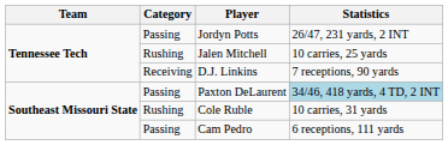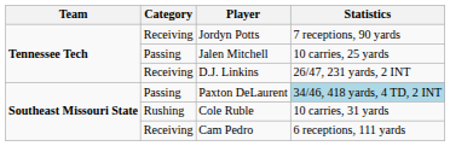 <table class="wikitable" style="float: right;">
 <tr>
 <th>Team</th>
 <th>Category</th>
 <th>Player</th>
 <th>Statistics</th>
 </tr>
 <tr>
 <td rowspan=3><strong>Tennessee Tech</strong></td>
-<td>Passing</td>
+<td>Receiving</td>
 <td>Jordyn Potts</td>
-<td>26/47, 231 yards, 2 INT</td>
+<td>7 receptions, 90 yards</td>
 </tr>
 <tr>
-<td>Rushing</td>
+<td>Passing</td>
 <td>Jalen Mitchell</td>
 <td>10 carries, 25 yards</td>
 </tr>
 <tr>
 <td>Receiving</td>
 <td>D.J. Linkins</td>
-<td>7 receptions, 90 yards</td>
+<td>26/47, 231 yards, 2 INT</td>
 </tr>
 <tr>
 <td rowspan=3><strong>Southeast Missouri State</strong></td>
 <td>Passing</td>
 <td>Paxton DeLaurent</td>
 <td style="background: lightblue;">34/46, 418 yards, 4 TD, 2 INT</td>
 </tr>
 <tr>
 <td>Rushing</td>
 <td>Cole Ruble</td>
 <td>10 carries, 31 yards</td>
 </tr>
 <tr>
-<td>Passing</td>
+<td>Receiving</td>
 <td>Cam Pedro</td>
 <td>6 receptions, 111 yards</td>
 </tr>
 </table>
